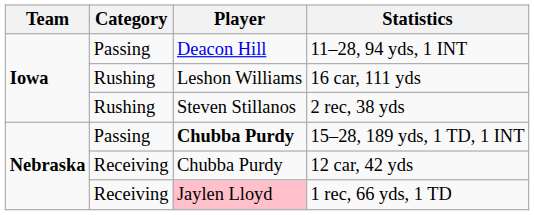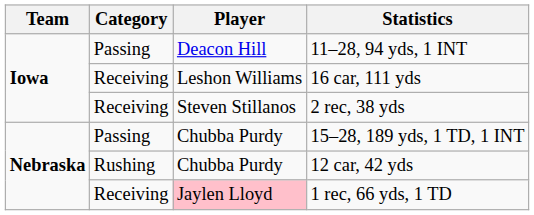 <table class="wikitable" style="float: right;">
 <tr>
 <th>Team</th>
 <th>Category</th>
 <th>Player</th>
 <th>Statistics</th>
 </tr>
 <tr>
 <td rowspan=3><strong>Iowa</strong></td>
 <td>Passing</td>
 <td><a href='#'>Deacon Hill</a></td>
 <td>11–28, 94 yds, 1 INT</td>
 </tr>
 <tr>
-<td>Rushing</td>
+<td>Receiving</td>
 <td>Leshon Williams</td>
 <td>16 car, 111 yds</td>
 </tr>
 <tr>
-<td>Rushing</td>
+<td>Receiving</td>
 <td>Steven Stillanos</td>
 <td>2 rec, 38 yds</td>
 </tr>
 <tr>
 <td rowspan=3><strong>Nebraska</strong></td>
 <td>Passing</td>
-<td><strong>Chubba Purdy</strong></td>
+<td>Chubba Purdy</td>
 <td>15–28, 189 yds, 1 TD, 1 INT</td>
 </tr>
 <tr>
-<td>Receiving</td>
+<td>Rushing</td>
 <td>Chubba Purdy</td>
 <td>12 car, 42 yds</td>
 </tr>
 <tr>
 <td>Receiving</td>
 <td style="background: pink;">Jaylen Lloyd</td>
 <td>1 rec, 66 yds, 1 TD</td>
 </tr>
 </table>
